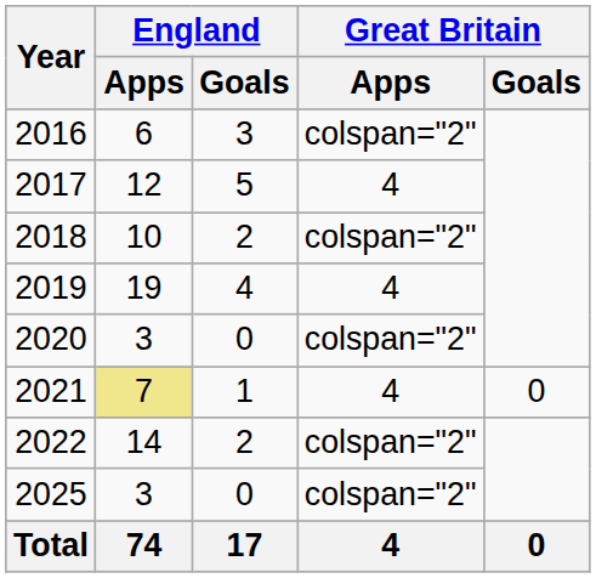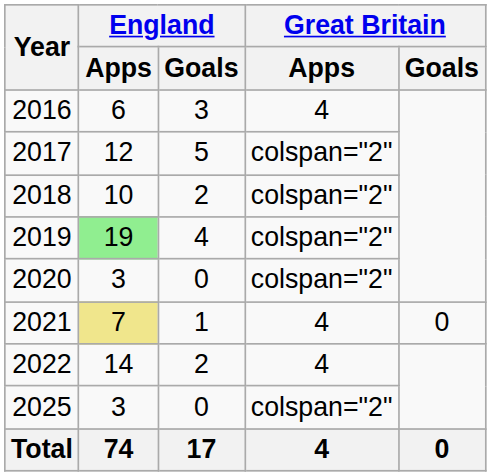 <table class="wikitable" style="text-align:center">
 <tr>
 <th rowspan=2>Year</th>
 <th colspan=2><a href='#'>England</a></th>
 <th colspan=3><a href='#'>Great Britain</a></th>
 </tr>
 <tr>
 <th>Apps</th>
 <th>Goals</th>
 <th>Apps</th>
 <th>Goals</th>
 </tr>
 <tr>
 <td>2016</td>
 <td>6</td>
 <td>3</td>
-<td>colspan="2"</td>
+<td>4</td>
 </tr>
 <tr>
 <td>2017</td>
 <td>12</td>
 <td>5</td>
-<td>4</td>
+<td>colspan="2"</td>
 </tr>
 <tr>
 <td>2018</td>
 <td>10</td>
 <td>2</td>
 <td>colspan="2"</td>
 </tr>
 <tr>
 <td>2019</td>
-<td>19</td>
+<td style="background: lightgreen;">19</td>
 <td>4</td>
-<td>4</td>
+<td>colspan="2"</td>
 </tr>
 <tr>
 <td>2020</td>
 <td>3</td>
 <td>0</td>
 <td>colspan="2"</td>
 </tr>
 <tr>
 <td>2021</td>
 <td style="background: khaki;">7</td>
 <td>1</td>
 <td>4</td>
 <td>0</td>
 </tr>
 <tr>
 <td>2022</td>
 <td>14</td>
 <td>2</td>
-<td>colspan="2"</td>
+<td>4</td>
 </tr>
 <tr>
 <td>2025</td>
 <td>3</td>
 <td>0</td>
 <td>colspan="2"</td>
 </tr>
 <tr>
 <th>Total</th>
 <th>74</th>
 <th>17</th>
 <th>4</th>
 <th>0</th>
 </tr>
 </table>
